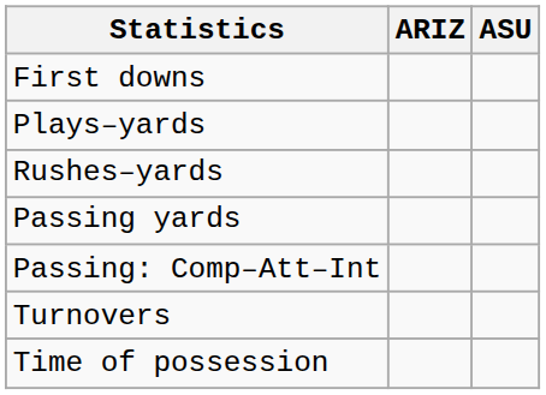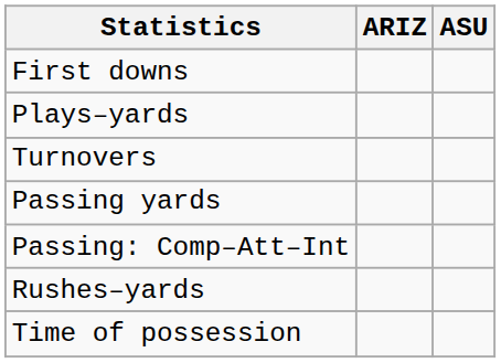 <table class="wikitable" style="float:left">
 <tr>
 <th>Statistics</th>
 <th>ARIZ</th>
 <th>ASU</th>
 </tr>
 <tr>
 <td>First downs</td>
 <td></td>
 <td></td>
 </tr>
 <tr>
 <td>Plays–yards</td>
 <td></td>
 <td></td>
 </tr>
 <tr>
-<td>Rushes–yards</td>
+<td>Turnovers</td>
 <td></td>
 <td></td>
 </tr>
 <tr>
 <td>Passing yards</td>
 <td></td>
 <td></td>
 </tr>
 <tr>
 <td>Passing: Comp–Att–Int</td>
 <td></td>
 <td></td>
 </tr>
 <tr>
-<td>Turnovers</td>
+<td>Rushes–yards</td>
 <td></td>
 <td></td>
 </tr>
 <tr>
 <td>Time of possession</td>
 <td></td>
 <td></td>
 </tr>
 </table>
